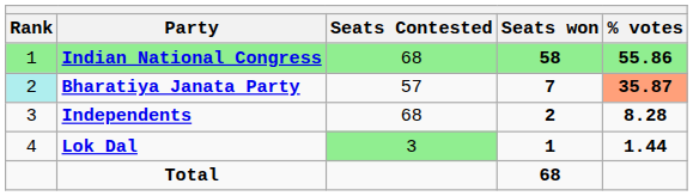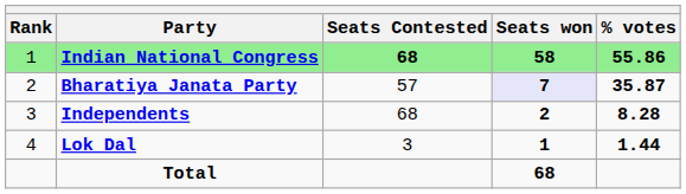 <table class="wikitable sortable" style="text-align: center;">
 <tr>
 <th colspan=8></th>
 </tr>
 <tr>
 <th align="center">Rank</th>
 <th align="center">Party</th>
 <th align="center">Seats Contested</th>
 <th align="center">Seats won</th>
 <th align="center">% votes</th>
 </tr>
 <tr style="background: #90EE90;">
 <td>1</td>
 <td align="left"><strong><a href='#'>Indian National Congress</a></strong></td>
-<td>68</td>
+<td><strong>68</strong></td>
 <td><strong>58</strong></td>
 <td><strong>55.86</strong></td>
 </tr>
 <tr>
-<td style="background: paleturquoise;">2</td>
+<td>2</td>
 <td align="left"><strong><a href='#'>Bharatiya Janata Party</a></strong></td>
 <td>57</td>
-<td><strong>7</strong></td>
-<td style="background: lightsalmon;"><strong>35.87</strong></td>
+<td style="background: lavender;"><strong>7</strong></td>
+<td><strong>35.87</strong></td>
 </tr>
 <tr>
 <td>3</td>
 <td align="left"><strong><a href='#'>Independents</a></strong></td>
 <td>68</td>
 <td><strong>2</strong></td>
 <td><strong>8.28</strong></td>
 </tr>
 <tr>
 <td>4</td>
 <td align="left"><strong><a href='#'>Lok Dal</a></strong></td>
-<td style="background: lightgreen;">3</td>
+<td>3</td>
 <td><strong>1</strong></td>
 <td><strong>1.44</strong></td>
 </tr>
 <tr>
 <td></td>
 <td align="centre"><strong>Total </strong></td>
 <td></td>
 <td><strong>68</strong></td>
 <td><strong> </strong></td>
 </tr>
 </table>
